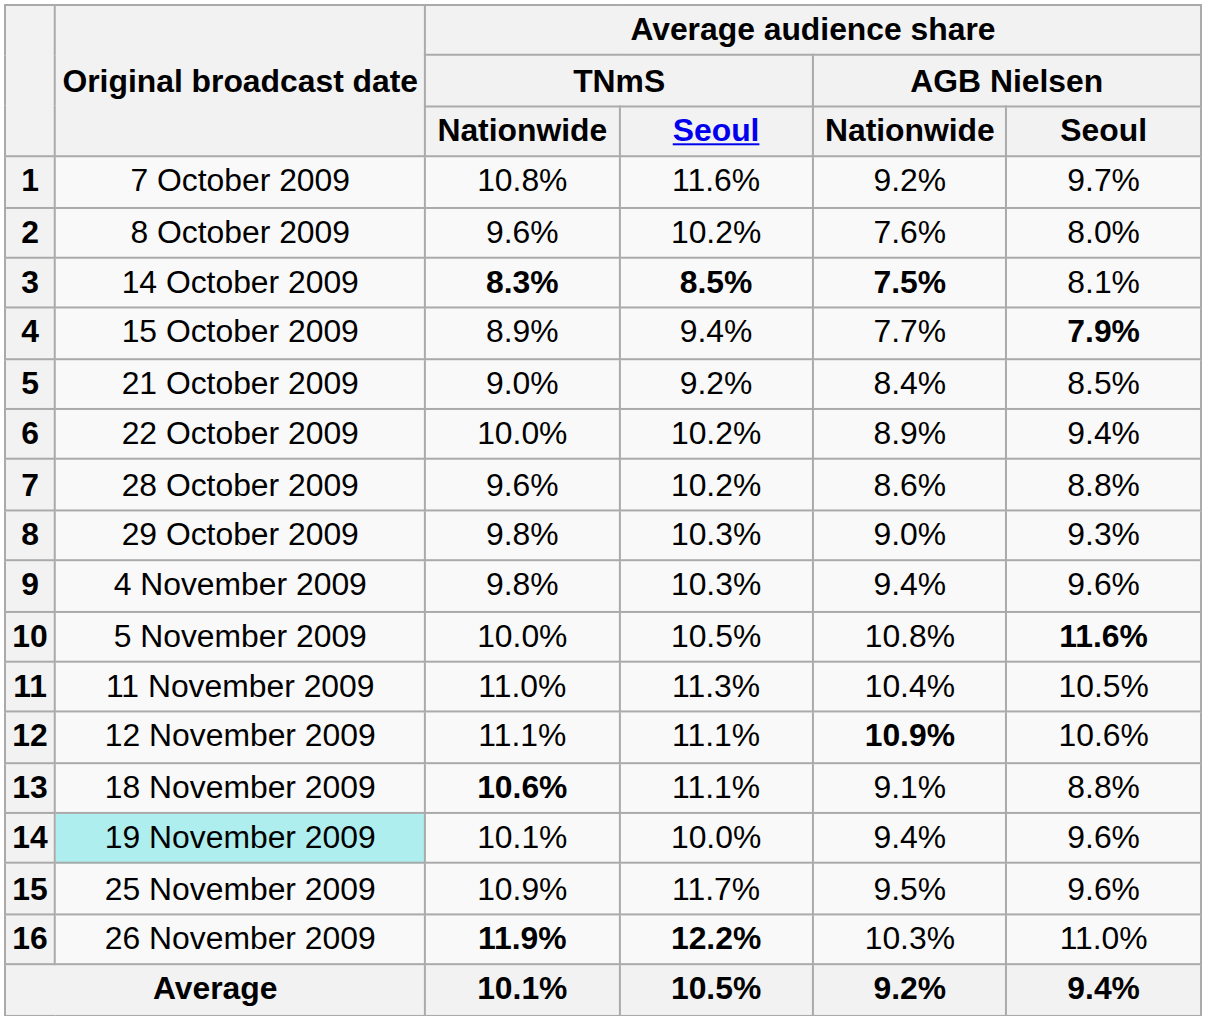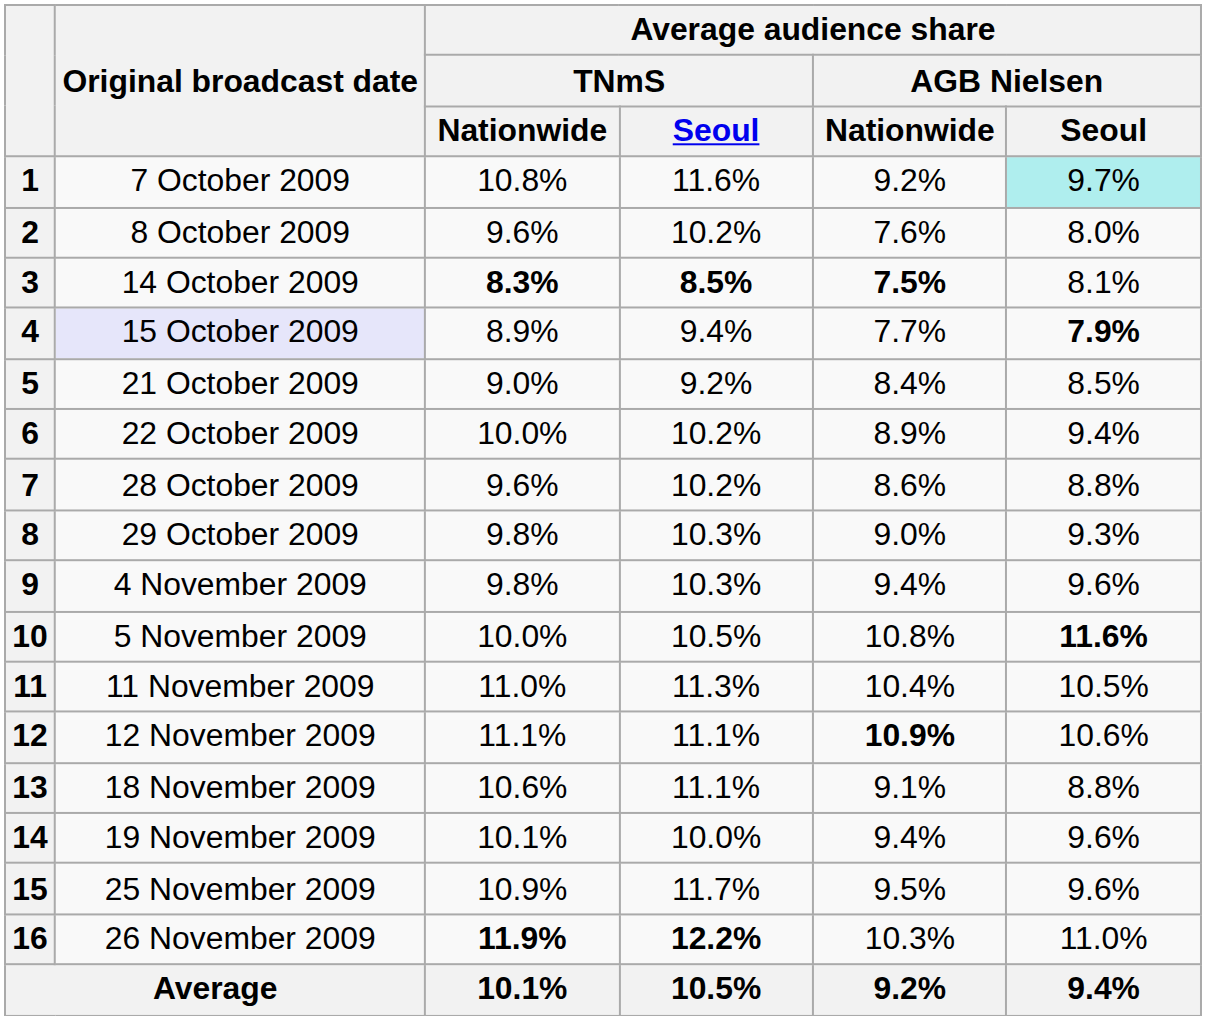 <table class=wikitable style="text-align:center">
 <tr>
 <th rowspan="3"></th>
 <th rowspan="3">Original broadcast date</th>
 <th colspan="4">Average audience share</th>
 </tr>
 <tr>
 <th colspan="2">TNmS</th>
 <th colspan="2">AGB Nielsen</th>
 </tr>
 <tr>
 <th width=90>Nationwide</th>
 <th width=90><a href='#'>Seoul</a></th>
 <th width=90>Nationwide</th>
 <th width=90>Seoul</th>
 </tr>
 <tr>
 <th>1</th>
 <td>7 October 2009</td>
 <td>10.8%</td>
 <td>11.6%</td>
 <td>9.2%</td>
-<td>9.7%</td>
+<td style="background: paleturquoise;">9.7%</td>
 </tr>
 <tr>
 <th>2</th>
 <td>8 October 2009</td>
 <td>9.6%</td>
 <td>10.2%</td>
 <td>7.6%</td>
 <td>8.0%</td>
 </tr>
 <tr>
 <th>3</th>
 <td>14 October 2009</td>
 <td><span><strong>8.3%</strong></span></td>
 <td><span><strong>8.5%</strong></span></td>
 <td><span><strong>7.5%</strong></span></td>
 <td>8.1%</td>
 </tr>
 <tr>
 <th>4</th>
-<td>15 October 2009</td>
+<td style="background: lavender;">15 October 2009</td>
 <td>8.9%</td>
 <td>9.4%</td>
 <td>7.7%</td>
 <td><span><strong>7.9%</strong></span></td>
 </tr>
 <tr>
 <th>5</th>
 <td>21 October 2009</td>
 <td>9.0%</td>
 <td>9.2%</td>
 <td>8.4%</td>
 <td>8.5%</td>
 </tr>
 <tr>
 <th>6</th>
 <td>22 October 2009</td>
 <td>10.0%</td>
 <td>10.2%</td>
 <td>8.9%</td>
 <td>9.4%</td>
 </tr>
 <tr>
 <th>7</th>
 <td>28 October 2009</td>
 <td>9.6%</td>
 <td>10.2%</td>
 <td>8.6%</td>
 <td>8.8%</td>
 </tr>
 <tr>
 <th>8</th>
 <td>29 October 2009</td>
 <td>9.8%</td>
 <td>10.3%</td>
 <td>9.0%</td>
 <td>9.3%</td>
 </tr>
 <tr>
 <th>9</th>
 <td>4 November 2009</td>
 <td>9.8%</td>
 <td>10.3%</td>
 <td>9.4%</td>
 <td>9.6%</td>
 </tr>
 <tr>
 <th>10</th>
 <td>5 November 2009</td>
 <td>10.0%</td>
 <td>10.5%</td>
 <td>10.8%</td>
 <td><span><strong>11.6%</strong></span></td>
 </tr>
 <tr>
 <th>11</th>
 <td>11 November 2009</td>
 <td>11.0%</td>
 <td>11.3%</td>
 <td>10.4%</td>
 <td>10.5%</td>
 </tr>
 <tr>
 <th>12</th>
 <td>12 November 2009</td>
 <td>11.1%</td>
 <td>11.1%</td>
 <td><span><strong>10.9%</strong></span></td>
 <td>10.6%</td>
 </tr>
 <tr>
 <th>13</th>
 <td>18 November 2009</td>
-<td><strong>10.6%</strong></td>
+<td>10.6%</td>
 <td>11.1%</td>
 <td>9.1%</td>
 <td>8.8%</td>
 </tr>
 <tr>
 <th>14</th>
-<td style="background: paleturquoise;">19 November 2009</td>
+<td>19 November 2009</td>
 <td>10.1%</td>
 <td>10.0%</td>
 <td>9.4%</td>
 <td>9.6%</td>
 </tr>
 <tr>
 <th>15</th>
 <td>25 November 2009</td>
 <td>10.9%</td>
 <td>11.7%</td>
 <td>9.5%</td>
 <td>9.6%</td>
 </tr>
 <tr>
 <th>16</th>
 <td>26 November 2009</td>
 <td><span><strong>11.9%</strong></span></td>
 <td><span><strong>12.2%</strong></span></td>
 <td>10.3%</td>
 <td>11.0%</td>
 </tr>
 <tr>
 <th colspan=2>Average</th>
 <th>10.1%</th>
 <th>10.5%</th>
 <th>9.2%</th>
 <th>9.4%</th>
 </tr>
 </table>
